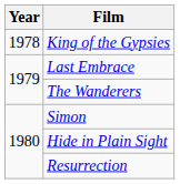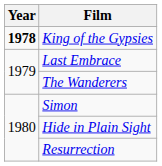 <table class="wikitable">
 <tr>
 <th>Year</th>
 <th>Film</th>
 </tr>
 <tr>
-<td>1978</td>
+<td><strong>1978</strong></td>
 <td><em><a href='#'>King of the Gypsies</a></em></td>
 </tr>
 <tr>
 <td rowspan=2>1979</td>
 <td><em><a href='#'>Last Embrace</a></em></td>
 </tr>
 <tr>
 <td><em><a href='#'>The Wanderers</a></em></td>
 </tr>
 <tr>
 <td rowspan=3>1980</td>
 <td><em><a href='#'>Simon</a></em></td>
 </tr>
 <tr>
 <td><em><a href='#'>Hide in Plain Sight</a></em></td>
 </tr>
 <tr>
 <td><em><a href='#'>Resurrection</a></em></td>
 </tr>
 </table>
